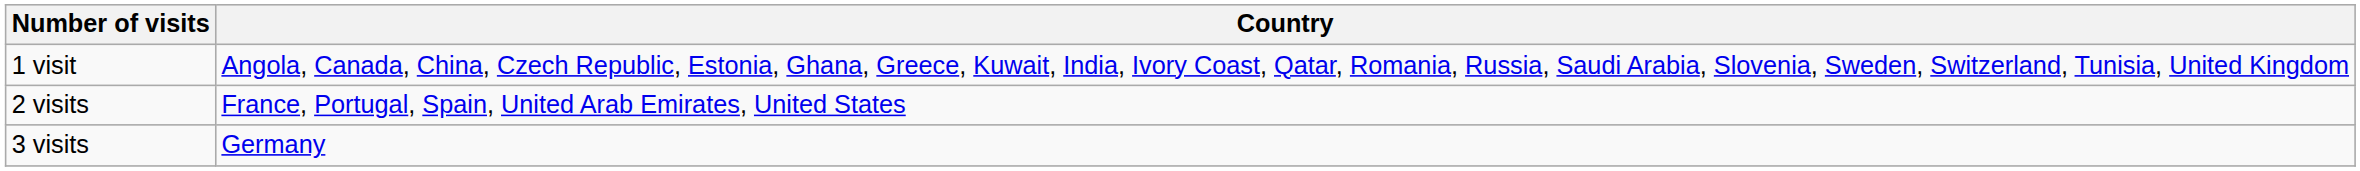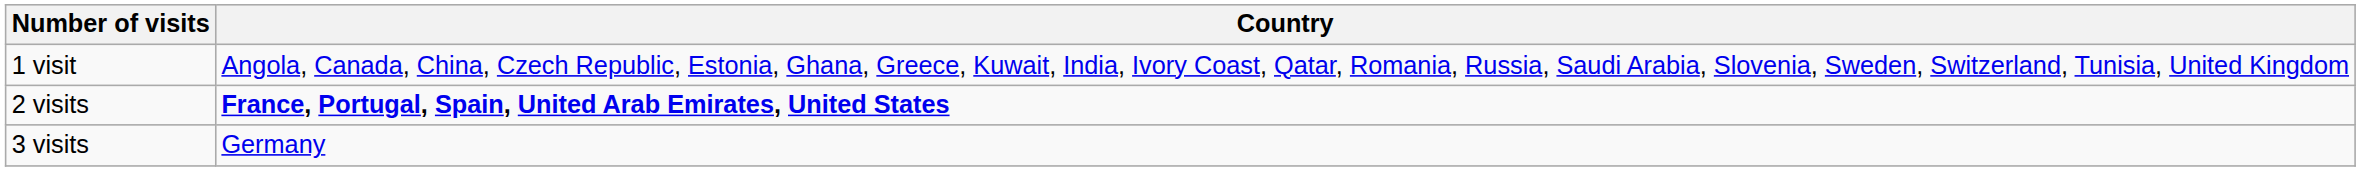 <table class="wikitable" style="margin: 1em auto 1em auto">
 <tr>
 <th>Number of visits</th>
 <th>Country</th>
 </tr>
 <tr>
 <td>1 visit</td>
 <td><a href='#'>Angola</a>, <a href='#'>Canada</a>, <a href='#'>China</a>, <a href='#'>Czech Republic</a>, <a href='#'>Estonia</a>, <a href='#'>Ghana</a>, <a href='#'>Greece</a>, <a href='#'>Kuwait</a>, <a href='#'>India</a>, <a href='#'>Ivory Coast</a>, <a href='#'>Qatar</a>, <a href='#'>Romania</a>, <a href='#'>Russia</a>, <a href='#'>Saudi Arabia</a>, <a href='#'>Slovenia</a>, <a href='#'>Sweden</a>, <a href='#'>Switzerland</a>, <a href='#'>Tunisia</a>, <a href='#'>United Kingdom</a></td>
 </tr>
 <tr>
 <td>2 visits</td>
-<td><a href='#'>France</a>, <a href='#'>Portugal</a>, <a href='#'>Spain</a>, <a href='#'>United Arab Emirates</a>, <a href='#'>United States</a></td>
+<td><strong><a href='#'>France</a>, <a href='#'>Portugal</a>, <a href='#'>Spain</a>, <a href='#'>United Arab Emirates</a>, <a href='#'>United States</a></strong></td>
 </tr>
 <tr>
 <td>3 visits</td>
 <td><a href='#'>Germany</a></td>
 </tr>
 </table>
